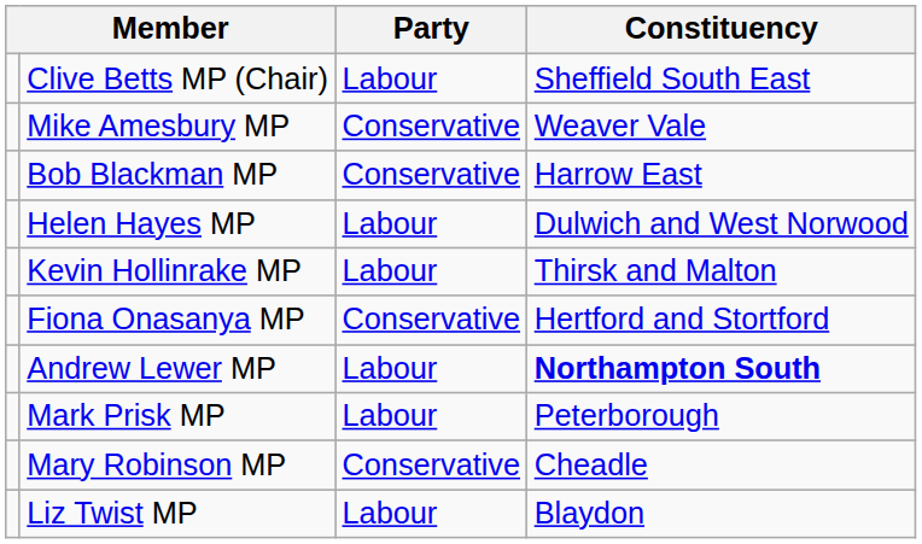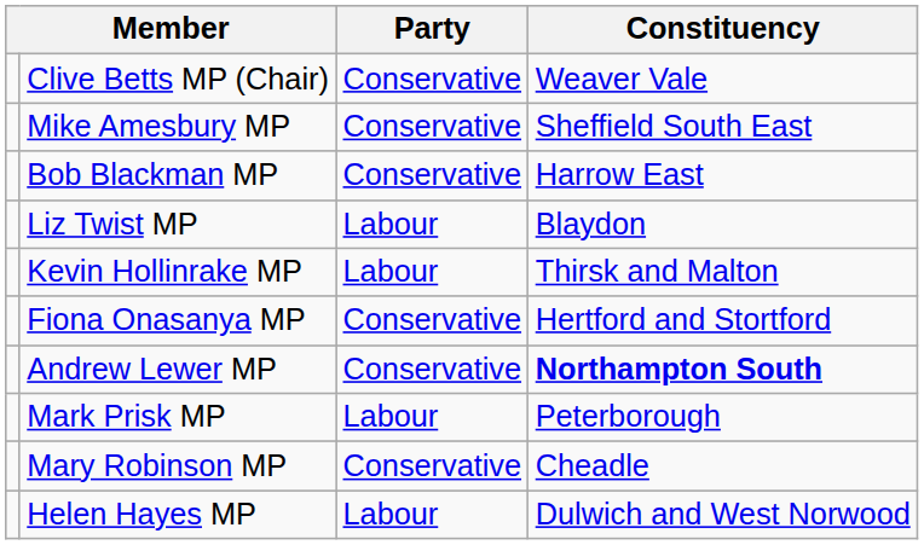 <table class="wikitable">
 <tr>
 <th colspan="2" valign="top">Member</th>
 <th valign="top">Party</th>
 <th valign="top">Constituency</th>
 </tr>
 <tr>
 <td style="color:inherit;background:"></td>
 <td><a href='#'>Clive Betts</a> MP (Chair)</td>
-<td><a href='#'>Labour</a></td>
-<td><a href='#'>Sheffield South East</a></td>
+<td><a href='#'>Conservative</a></td>
+<td><a href='#'>Weaver Vale</a></td>
 </tr>
 <tr>
 <td style="color:inherit;background:"></td>
 <td><a href='#'>Mike Amesbury</a> MP</td>
 <td><a href='#'>Conservative</a></td>
-<td><a href='#'>Weaver Vale</a></td>
+<td><a href='#'>Sheffield South East</a></td>
 </tr>
 <tr>
 <td style="color:inherit;background:"></td>
 <td><a href='#'>Bob Blackman</a> MP</td>
 <td><a href='#'>Conservative</a></td>
 <td><a href='#'>Harrow East</a></td>
 </tr>
 <tr>
 <td style="color:inherit;background:"></td>
-<td><a href='#'>Helen Hayes</a> MP</td>
+<td><a href='#'>Liz Twist</a> MP</td>
 <td><a href='#'>Labour</a></td>
-<td><a href='#'>Dulwich and West Norwood</a></td>
+<td><a href='#'>Blaydon</a></td>
 </tr>
 <tr>
 <td style="color:inherit;background:"></td>
 <td><a href='#'>Kevin Hollinrake</a> MP</td>
 <td><a href='#'>Labour</a></td>
 <td><a href='#'>Thirsk and Malton</a></td>
 </tr>
 <tr>
 <td style="color:inherit;background:"></td>
 <td><a href='#'>Fiona Onasanya</a> MP</td>
 <td><a href='#'>Conservative</a></td>
 <td><a href='#'>Hertford and Stortford</a></td>
 </tr>
 <tr>
 <td style="color:inherit;background:"></td>
 <td><a href='#'>Andrew Lewer</a> MP</td>
-<td><a href='#'>Labour</a></td>
+<td><a href='#'>Conservative</a></td>
 <td><strong><a href='#'>Northampton South</a></strong></td>
 </tr>
 <tr>
 <td style="color:inherit;background:"></td>
 <td><a href='#'>Mark Prisk</a> MP</td>
 <td><a href='#'>Labour</a></td>
 <td><a href='#'>Peterborough</a></td>
 </tr>
 <tr>
 <td style="color:inherit;background:"></td>
 <td><a href='#'>Mary Robinson</a> MP</td>
 <td><a href='#'>Conservative</a></td>
 <td><a href='#'>Cheadle</a></td>
 </tr>
 <tr>
 <td style="color:inherit;background:"></td>
-<td><a href='#'>Liz Twist</a> MP</td>
+<td><a href='#'>Helen Hayes</a> MP</td>
 <td><a href='#'>Labour</a></td>
-<td><a href='#'>Blaydon</a></td>
+<td><a href='#'>Dulwich and West Norwood</a></td>
 </tr>
 </table>
